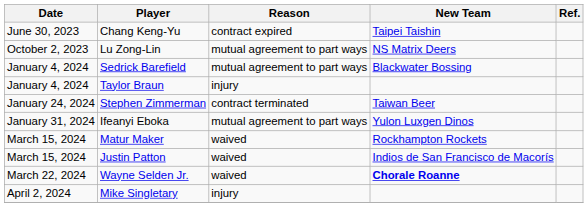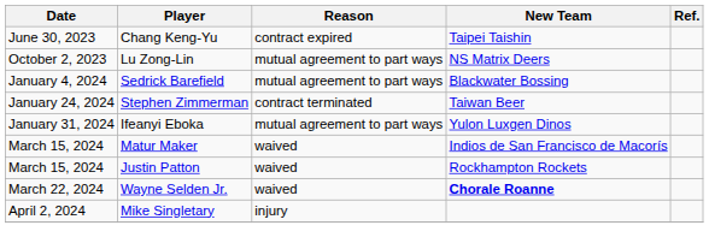 <table class="wikitable">
 <tr>
 <th>Date</th>
 <th>Player</th>
 <th>Reason</th>
 <th>New Team</th>
 <th>Ref.</th>
 </tr>
 <tr>
 <td>June 30, 2023</td>
 <td>Chang Keng-Yu</td>
 <td>contract expired</td>
 <td><a href='#'>Taipei Taishin</a></td>
 <td></td>
 </tr>
 <tr>
 <td>October 2, 2023</td>
 <td>Lu Zong-Lin</td>
 <td>mutual agreement to part ways</td>
 <td><a href='#'>NS Matrix Deers</a></td>
 <td></td>
 </tr>
 <tr>
 <td>January 4, 2024</td>
 <td><a href='#'>Sedrick Barefield</a></td>
 <td>mutual agreement to part ways</td>
 <td><a href='#'>Blackwater Bossing</a></td>
 <td></td>
 </tr>
 <tr>
-<td>January 4, 2024</td>
-<td><a href='#'>Taylor Braun</a></td>
-<td>injury</td>
-<td></td>
-<td></td>
-</tr>
-<tr>
 <td>January 24, 2024</td>
 <td><a href='#'>Stephen Zimmerman</a></td>
 <td>contract terminated</td>
 <td><a href='#'>Taiwan Beer</a></td>
 <td></td>
 </tr>
 <tr>
 <td>January 31, 2024</td>
 <td>Ifeanyi Eboka</td>
 <td>mutual agreement to part ways</td>
 <td><a href='#'>Yulon Luxgen Dinos</a></td>
 <td></td>
 </tr>
 <tr>
 <td>March 15, 2024</td>
 <td><a href='#'>Matur Maker</a></td>
 <td>waived</td>
-<td><a href='#'>Rockhampton Rockets</a></td>
+<td><a href='#'>Indios de San Francisco de Macorís</a></td>
 <td></td>
 </tr>
 <tr>
 <td>March 15, 2024</td>
 <td><a href='#'>Justin Patton</a></td>
 <td>waived</td>
-<td><a href='#'>Indios de San Francisco de Macorís</a></td>
+<td><a href='#'>Rockhampton Rockets</a></td>
 <td></td>
 </tr>
 <tr>
 <td>March 22, 2024</td>
 <td><a href='#'>Wayne Selden Jr.</a></td>
 <td>waived</td>
 <td><strong><a href='#'>Chorale Roanne</a></strong></td>
 <td></td>
 </tr>
 <tr>
 <td>April 2, 2024</td>
 <td><a href='#'>Mike Singletary</a></td>
 <td>injury</td>
 <td></td>
 <td></td>
 </tr>
 <tr>
 </tr>
 </table>
